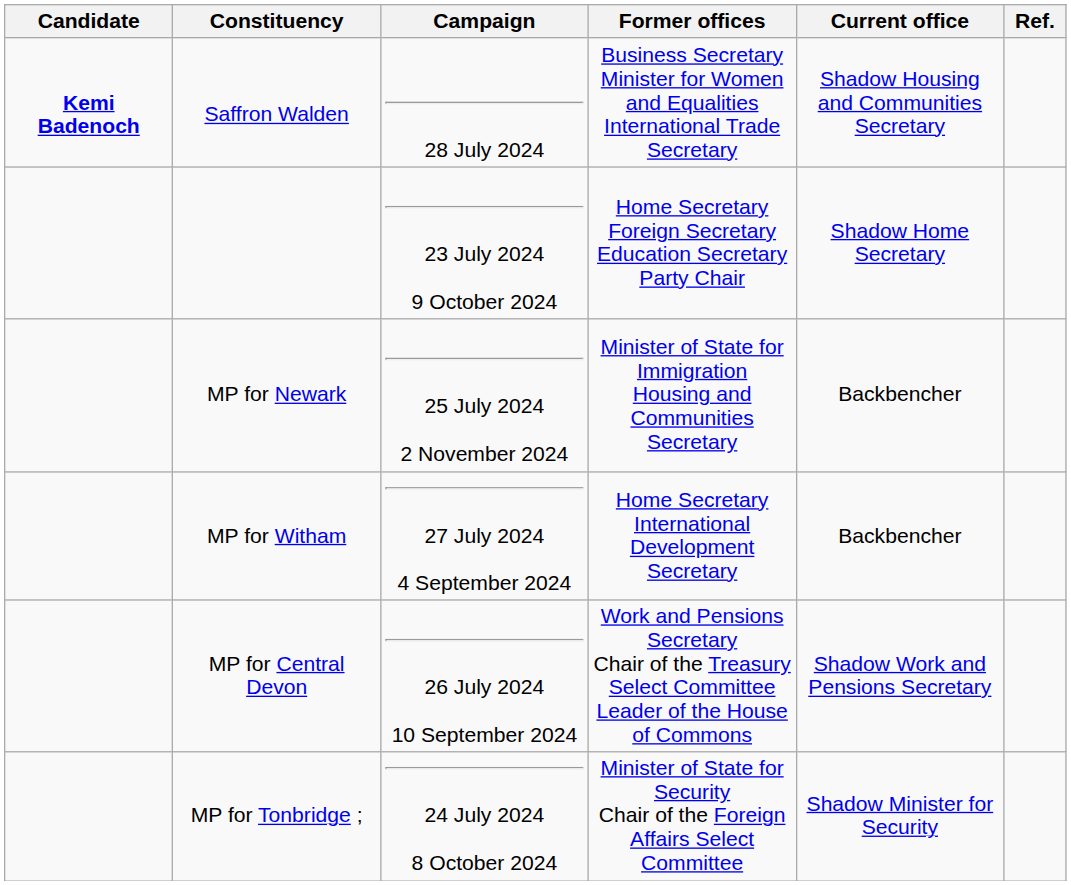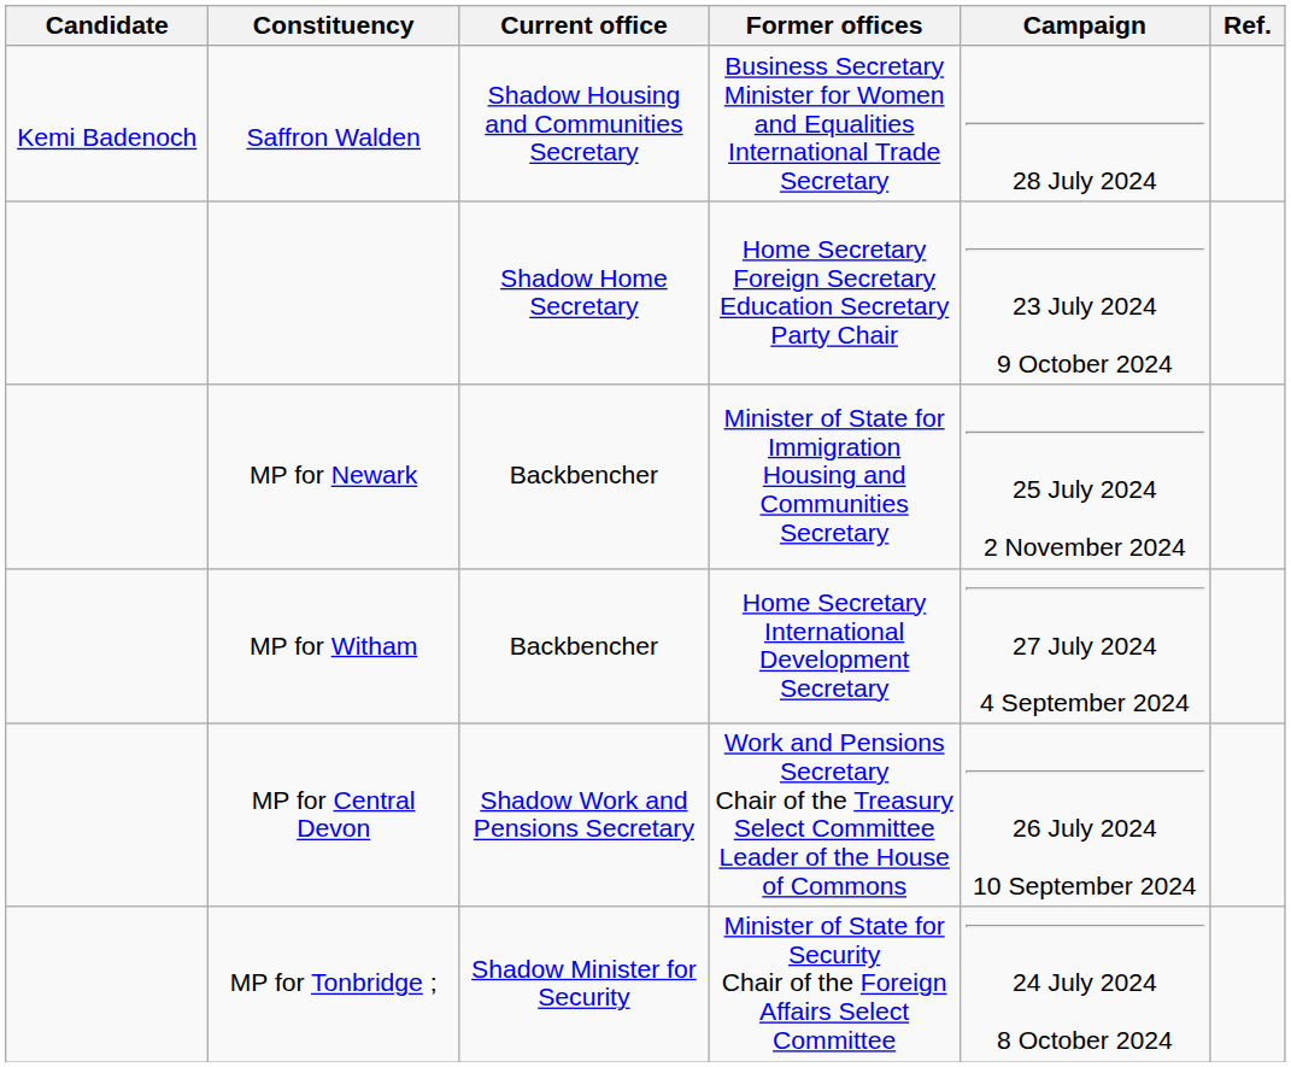 <table class="wikitable sortable" style="text-align:center">
 <tr>
 <th scope="col" style="width: 120px">Candidate</th>
 <th scope="col" style="width: 150px">Constituency</th>
+<th scope="col" style="width: 150px">Current office</th>
+<th scope="col" style="width: 150px">Former offices</th>
 <th scope="col" style="width: 150px">Campaign</th>
-<th scope="col" style="width: 150px">Former offices</th>
-<th scope="col" style="width: 150px">Current office</th>
 <th scope="col" style="width: 40px" class="unsortable">Ref.</th>
 </tr>
 <tr>
-<td><strong><br><a href='#'>Kemi Badenoch</a></strong></td>
+<td><br><a href='#'>Kemi Badenoch</a></td>
 <td><br><a href='#'>Saffron Walden</a> </td>
+<td><a href='#'>Shadow Housing and Communities Secretary</a> </td>
+<td><a href='#'>Business Secretary</a> <br><a href='#'>Minister for Women and Equalities</a> <br><a href='#'>International Trade Secretary</a> </td>
 <td><br><br><hr><br>28 July 2024 <br></td>
-<td><a href='#'>Business Secretary</a> <br><a href='#'>Minister for Women and Equalities</a> <br><a href='#'>International Trade Secretary</a> </td>
-<td><a href='#'>Shadow Housing and Communities Secretary</a> </td>
 <td></td>
 </tr>
 <tr>
 <td></td>
 <td></td>
+<td><a href='#'>Shadow Home Secretary</a> </td>
+<td><a href='#'>Home Secretary</a> <br><a href='#'>Foreign Secretary</a> <br><a href='#'>Education Secretary</a> <br><a href='#'>Party Chair</a> </td>
 <td><br><hr><br>23 July 2024<br><br>9 October 2024</td>
-<td><a href='#'>Home Secretary</a> <br><a href='#'>Foreign Secretary</a> <br><a href='#'>Education Secretary</a> <br><a href='#'>Party Chair</a> </td>
-<td><a href='#'>Shadow Home Secretary</a> </td>
 <td></td>
 </tr>
 <tr>
 <td></td>
 <td>MP for <a href='#'>Newark</a> </td>
+<td>Backbencher</td>
+<td><a href='#'>Minister of State for Immigration</a> <br><a href='#'>Housing and Communities Secretary</a> </td>
 <td><br><hr><br>25 July 2024<br><br>2 November 2024</td>
-<td><a href='#'>Minister of State for Immigration</a> <br><a href='#'>Housing and Communities Secretary</a> </td>
-<td>Backbencher</td>
 <td></td>
 </tr>
 <tr>
 <td></td>
 <td>MP for <a href='#'>Witham</a> </td>
+<td>Backbencher</td>
+<td><a href='#'>Home Secretary</a> <br><a href='#'>International Development Secretary</a> </td>
 <td><hr><br>27 July 2024<br><br>4 September 2024</td>
-<td><a href='#'>Home Secretary</a> <br><a href='#'>International Development Secretary</a> </td>
-<td>Backbencher</td>
 <td></td>
 </tr>
 <tr>
 <td></td>
 <td>MP for <a href='#'>Central Devon</a> </td>
+<td><a href='#'>Shadow Work and Pensions Secretary</a> </td>
+<td><a href='#'>Work and Pensions Secretary</a> <br>Chair of the <a href='#'>Treasury Select Committee</a> <br><a href='#'>Leader of the House of Commons</a> </td>
 <td><br><hr><br>26 July 2024<br><br>10 September 2024</td>
-<td><a href='#'>Work and Pensions Secretary</a> <br>Chair of the <a href='#'>Treasury Select Committee</a> <br><a href='#'>Leader of the House of Commons</a> </td>
-<td><a href='#'>Shadow Work and Pensions Secretary</a> </td>
 <td></td>
 </tr>
 <tr>
 <td></td>
 <td>MP for <a href='#'>Tonbridge</a> ;<br></td>
+<td><a href='#'>Shadow Minister for Security</a> </td>
+<td><a href='#'>Minister of State for Security</a> <br>Chair of the <a href='#'>Foreign Affairs Select Committee</a> </td>
 <td><hr><br>24 July 2024<br><br>8 October 2024</td>
-<td><a href='#'>Minister of State for Security</a> <br>Chair of the <a href='#'>Foreign Affairs Select Committee</a> </td>
-<td><a href='#'>Shadow Minister for Security</a> </td>
 <td></td>
 </tr>
 </table>
